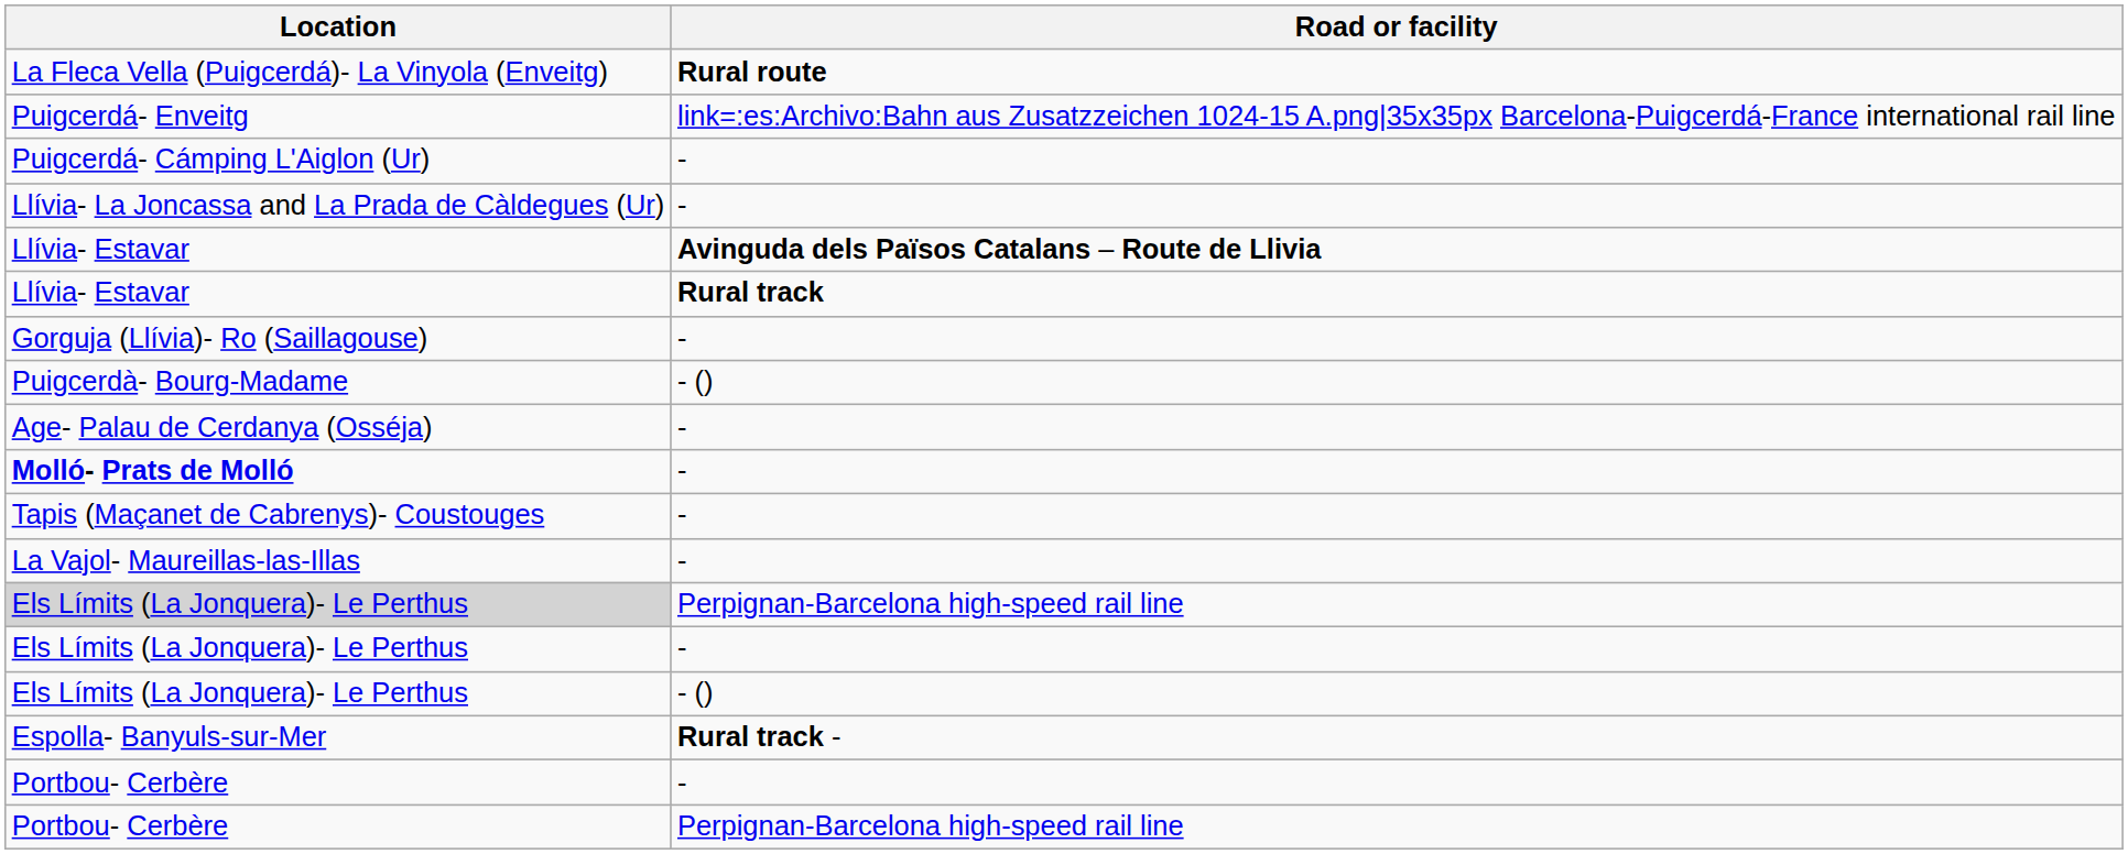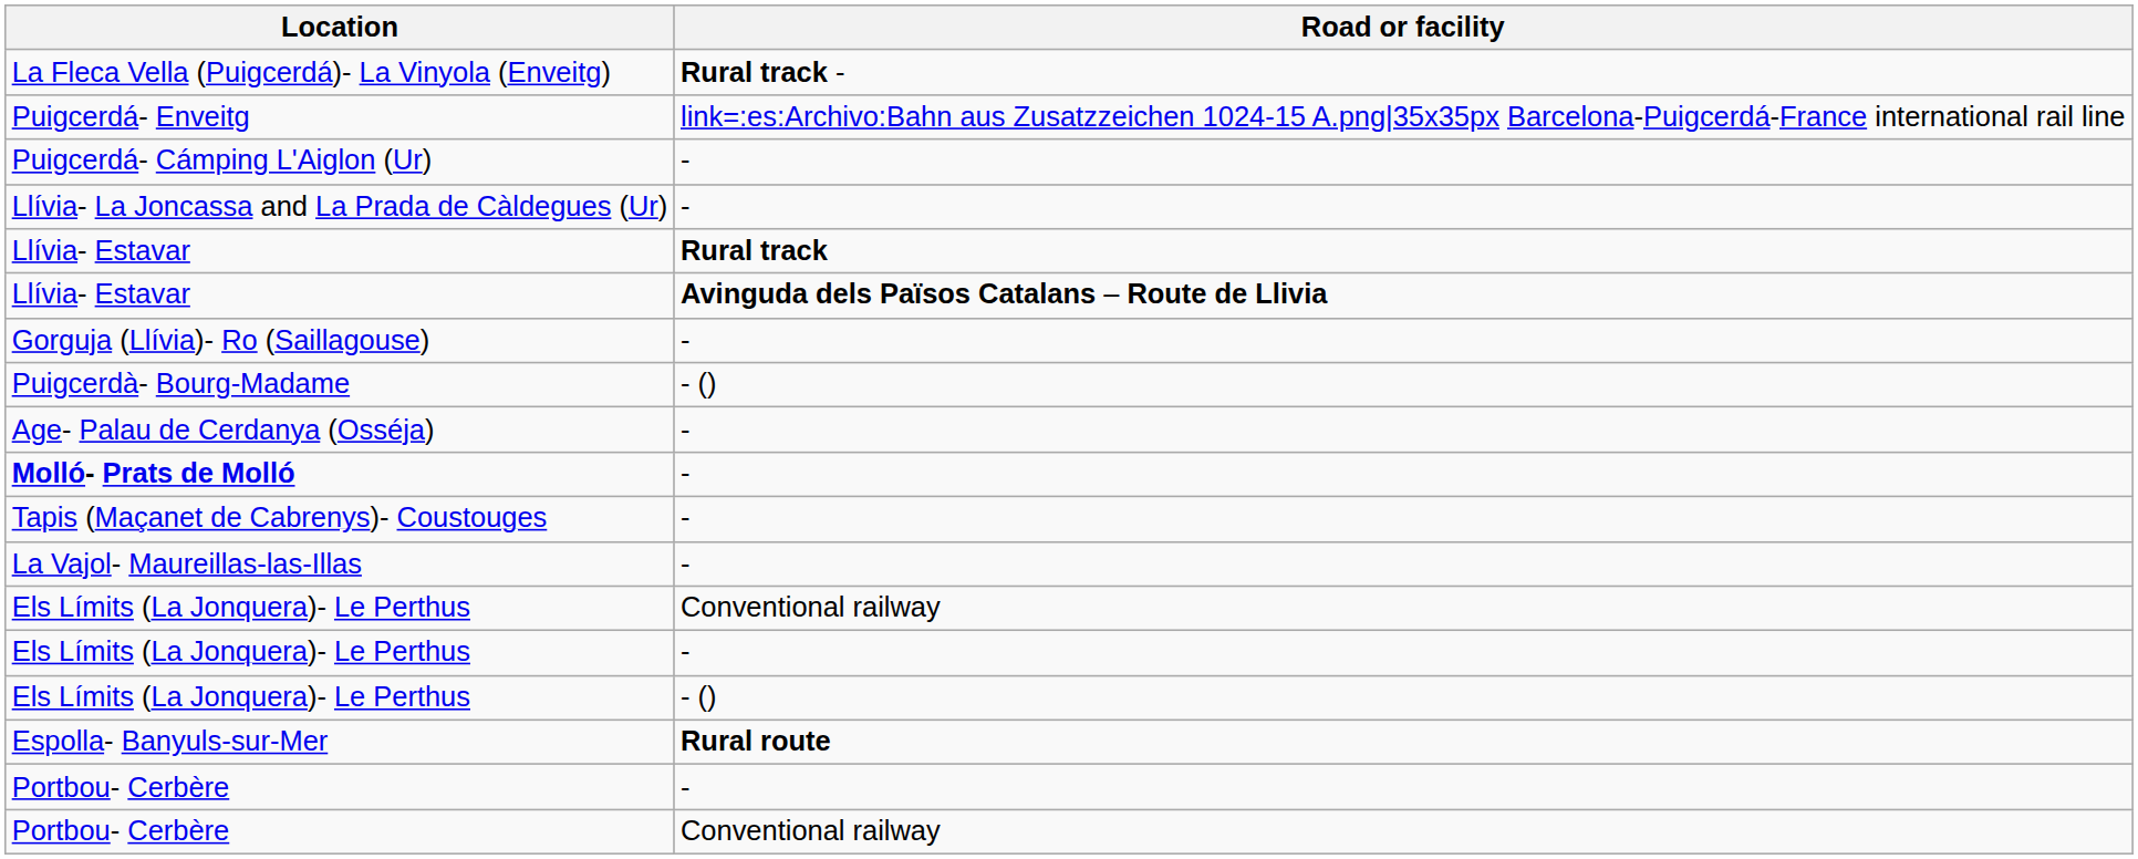 <table class="wikitable">
 <tr>
 <th>Location</th>
 <th>Road or facility</th>
 </tr>
 <tr>
 <td> <a href='#'>La Fleca Vella</a> (<a href='#'>Puigcerdá</a>)- <a href='#'>La Vinyola</a> (<a href='#'>Enveitg</a>)</td>
-<td><strong>Rural route</strong></td>
+<td><strong>Rural track</strong> - </td>
 </tr>
 <tr>
 <td> <a href='#'>Puigcerdá</a>- <a href='#'>Enveitg</a></td>
 <td><a href='#'>link=:es:Archivo:Bahn aus Zusatzzeichen 1024-15 A.png|35x35px</a> <a href='#'>Barcelona</a>-<a href='#'>Puigcerdá</a>-<a href='#'>France</a> international rail line</td>
 </tr>
 <tr>
 <td> <a href='#'>Puigcerdá</a>- <a href='#'>Cámping L'Aiglon</a> (<a href='#'>Ur</a>)</td>
 <td> - </td>
 </tr>
 <tr>
 <td> <a href='#'>Llívia</a>- <a href='#'>La Joncassa</a> and <a href='#'>La Prada de Càldegues</a> (<a href='#'>Ur</a>)</td>
 <td> - </td>
 </tr>
 <tr>
 <td> <a href='#'>Llívia</a>- <a href='#'>Estavar</a></td>
-<td><strong>Avinguda dels Països Catalans</strong> – <strong>Route de Llivia</strong></td>
+<td><strong>Rural track</strong></td>
 </tr>
 <tr>
 <td> <a href='#'>Llívia</a>- <a href='#'>Estavar</a></td>
-<td><strong>Rural track</strong></td>
+<td><strong>Avinguda dels Països Catalans</strong> – <strong>Route de Llivia</strong></td>
 </tr>
 <tr>
 <td> <a href='#'>Gorguja</a> (<a href='#'>Llívia</a>)- <a href='#'>Ro</a> (<a href='#'>Saillagouse</a>)</td>
 <td> - </td>
 </tr>
 <tr>
 <td> <a href='#'>Puigcerdà</a>- <a href='#'>Bourg-Madame</a></td>
 <td> -  ()</td>
 </tr>
 <tr>
 <td> <a href='#'>Age</a>- <a href='#'>Palau de Cerdanya</a> (<a href='#'>Osséja</a>)</td>
 <td> - </td>
 </tr>
 <tr>
 <td><strong> <a href='#'>Molló</a>- <a href='#'>Prats de Molló</a></strong></td>
 <td> - </td>
 </tr>
 <tr>
 <td> <a href='#'>Tapis</a> (<a href='#'>Maçanet de Cabrenys</a>)- <a href='#'>Coustouges</a></td>
 <td> - </td>
 </tr>
 <tr>
 <td> <a href='#'>La Vajol</a>- <a href='#'>Maureillas-las-Illas</a></td>
 <td> - </td>
 </tr>
 <tr>
-<td style="background: lightgrey;"> <a href='#'>Els Límits</a> (<a href='#'>La Jonquera</a>)- <a href='#'>Le Perthus</a></td>
-<td><a href='#'>Perpignan-Barcelona high-speed rail line</a></td>
+<td> <a href='#'>Els Límits</a> (<a href='#'>La Jonquera</a>)- <a href='#'>Le Perthus</a></td>
+<td>Conventional railway</td>
 </tr>
 <tr>
 <td> <a href='#'>Els Límits</a> (<a href='#'>La Jonquera</a>)- <a href='#'>Le Perthus</a></td>
 <td> - </td>
 </tr>
 <tr>
 <td> <a href='#'>Els Límits</a> (<a href='#'>La Jonquera</a>)- <a href='#'>Le Perthus</a></td>
 <td> -  ()</td>
 </tr>
 <tr>
 <td> <a href='#'>Espolla</a>- <a href='#'>Banyuls-sur-Mer</a></td>
-<td><strong>Rural track</strong> - </td>
+<td><strong>Rural route</strong></td>
 </tr>
 <tr>
 <td> <a href='#'>Portbou</a>- <a href='#'>Cerbère</a></td>
 <td> - </td>
 </tr>
 <tr>
 <td> <a href='#'>Portbou</a>- <a href='#'>Cerbère</a></td>
-<td><a href='#'>Perpignan-Barcelona high-speed rail line</a></td>
+<td>Conventional railway</td>
 </tr>
 </table>
